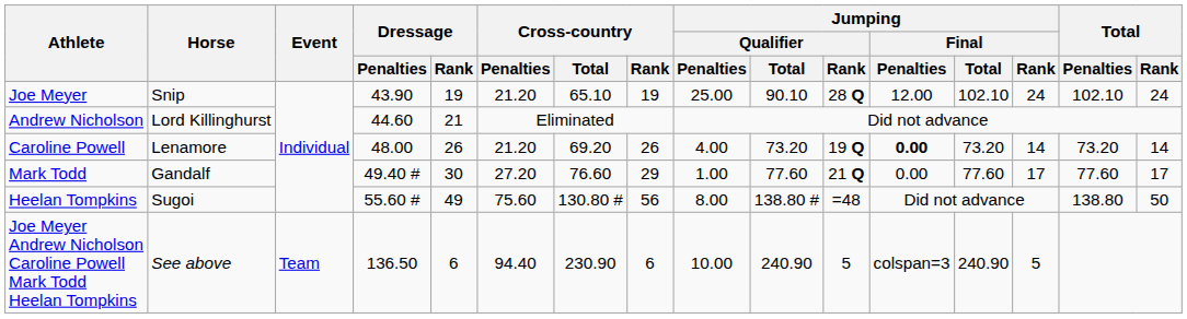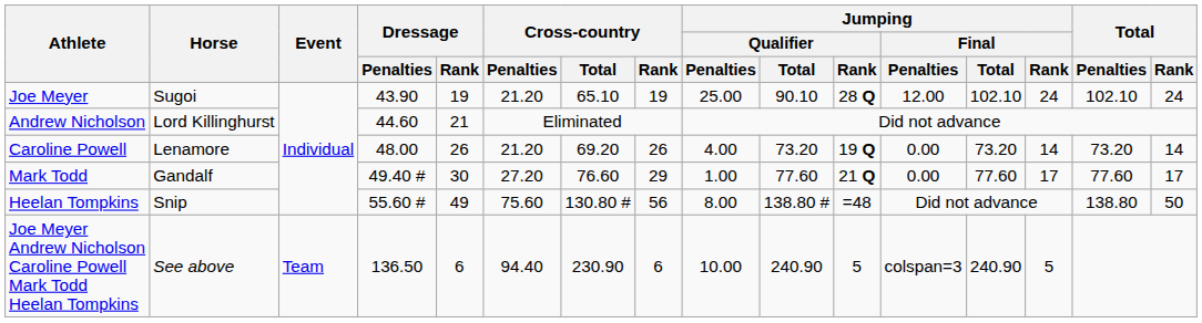 <table class=wikitable style="font-size:90%">
 <tr>
 <th rowspan="3">Athlete</th>
 <th rowspan="3">Horse</th>
 <th rowspan="3">Event</th>
 <th colspan="2" rowspan="2">Dressage</th>
 <th colspan="3" rowspan="2">Cross-country</th>
 <th colspan="6">Jumping</th>
 <th colspan="2" rowspan="2">Total</th>
 </tr>
 <tr style="font-size:95%">
 <th colspan="3">Qualifier</th>
 <th colspan="3">Final</th>
 </tr>
 <tr style="font-size:95%">
 <th>Penalties</th>
 <th>Rank</th>
 <th>Penalties</th>
 <th>Total</th>
 <th>Rank</th>
 <th>Penalties</th>
 <th>Total</th>
 <th>Rank</th>
 <th>Penalties</th>
 <th>Total</th>
 <th>Rank</th>
 <th>Penalties</th>
 <th>Rank</th>
 </tr>
 <tr align=center>
 <td align=left><a href='#'>Joe Meyer</a></td>
-<td align=left>Snip</td>
+<td align=left>Sugoi</td>
 <td align=left rowspan=5><a href='#'>Individual</a></td>
 <td>43.90</td>
 <td>19</td>
 <td>21.20</td>
 <td>65.10</td>
 <td>19</td>
 <td>25.00</td>
 <td>90.10</td>
 <td>28 <strong>Q</strong></td>
 <td>12.00</td>
 <td>102.10</td>
 <td>24</td>
 <td>102.10</td>
 <td>24</td>
 </tr>
 <tr align=center>
 <td align=left><a href='#'>Andrew Nicholson</a></td>
 <td align=left>Lord Killinghurst</td>
 <td>44.60</td>
 <td>21</td>
 <td colspan=3>Eliminated</td>
 <td colspan=8>Did not advance</td>
 </tr>
 <tr align=center>
 <td align=left><a href='#'>Caroline Powell</a></td>
 <td align=left>Lenamore</td>
 <td>48.00</td>
 <td>26</td>
 <td>21.20</td>
 <td>69.20</td>
 <td>26</td>
 <td>4.00</td>
 <td>73.20</td>
 <td>19 <strong>Q</strong></td>
-<td><strong>0.00</strong></td>
+<td>0.00</td>
 <td>73.20</td>
 <td>14</td>
 <td>73.20</td>
 <td>14</td>
 </tr>
 <tr align=center>
 <td align=left><a href='#'>Mark Todd</a></td>
 <td align=left>Gandalf</td>
 <td>49.40 #</td>
 <td>30</td>
 <td>27.20</td>
 <td>76.60</td>
 <td>29</td>
 <td>1.00</td>
 <td>77.60</td>
 <td>21 <strong>Q</strong></td>
 <td>0.00</td>
 <td>77.60</td>
 <td>17</td>
 <td>77.60</td>
 <td>17</td>
 </tr>
 <tr align=center>
 <td align=left><a href='#'>Heelan Tompkins</a></td>
-<td align=left>Sugoi</td>
+<td align=left>Snip</td>
 <td>55.60 #</td>
 <td>49</td>
 <td>75.60</td>
 <td>130.80 #</td>
 <td>56</td>
 <td>8.00</td>
 <td>138.80 #</td>
 <td>=48</td>
 <td colspan=3>Did not advance</td>
 <td>138.80</td>
 <td>50</td>
 </tr>
 <tr align=center>
 <td align=left><a href='#'>Joe Meyer</a><br><a href='#'>Andrew Nicholson</a><br><a href='#'>Caroline Powell</a><br><a href='#'>Mark Todd</a><br><a href='#'>Heelan Tompkins</a></td>
 <td align=left><em>See above</em></td>
 <td align=left><a href='#'>Team</a></td>
 <td>136.50</td>
 <td>6</td>
 <td>94.40</td>
 <td>230.90</td>
 <td>6</td>
 <td>10.00</td>
 <td>240.90</td>
 <td>5</td>
 <td>colspan=3 </td>
 <td>240.90</td>
 <td>5</td>
 </tr>
 </table>
